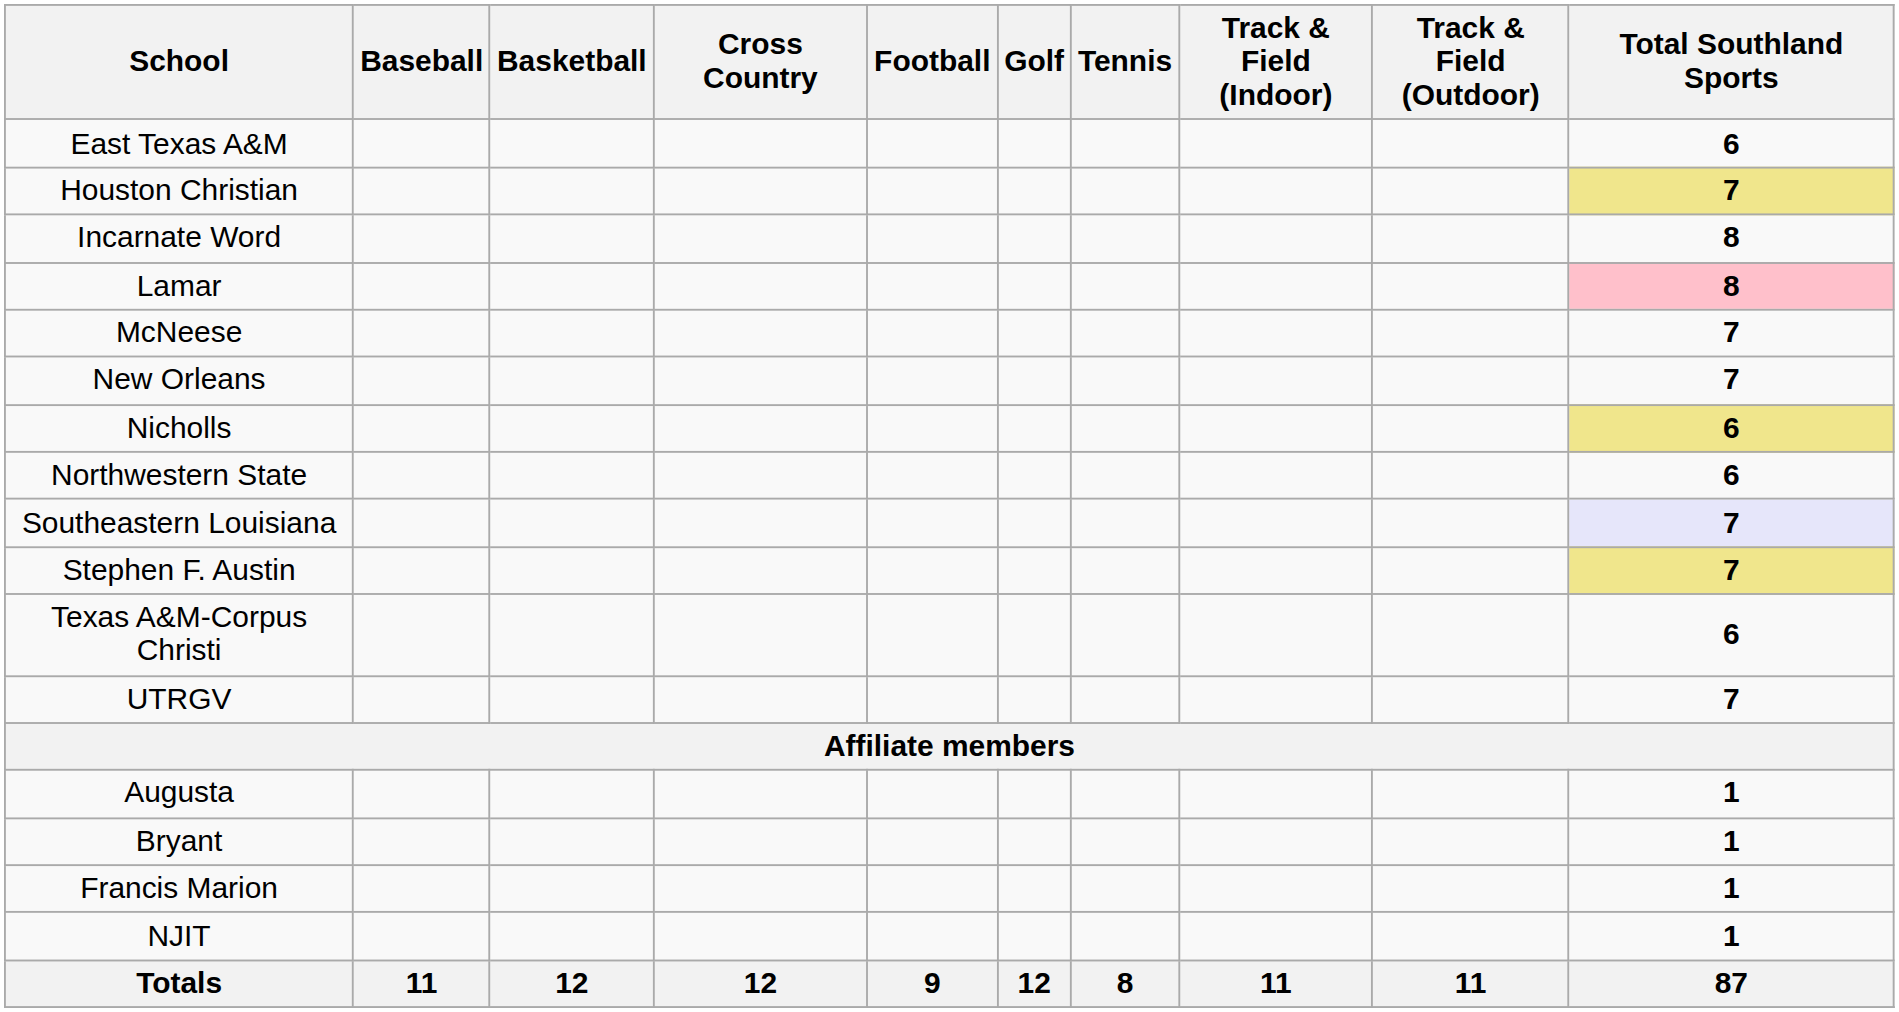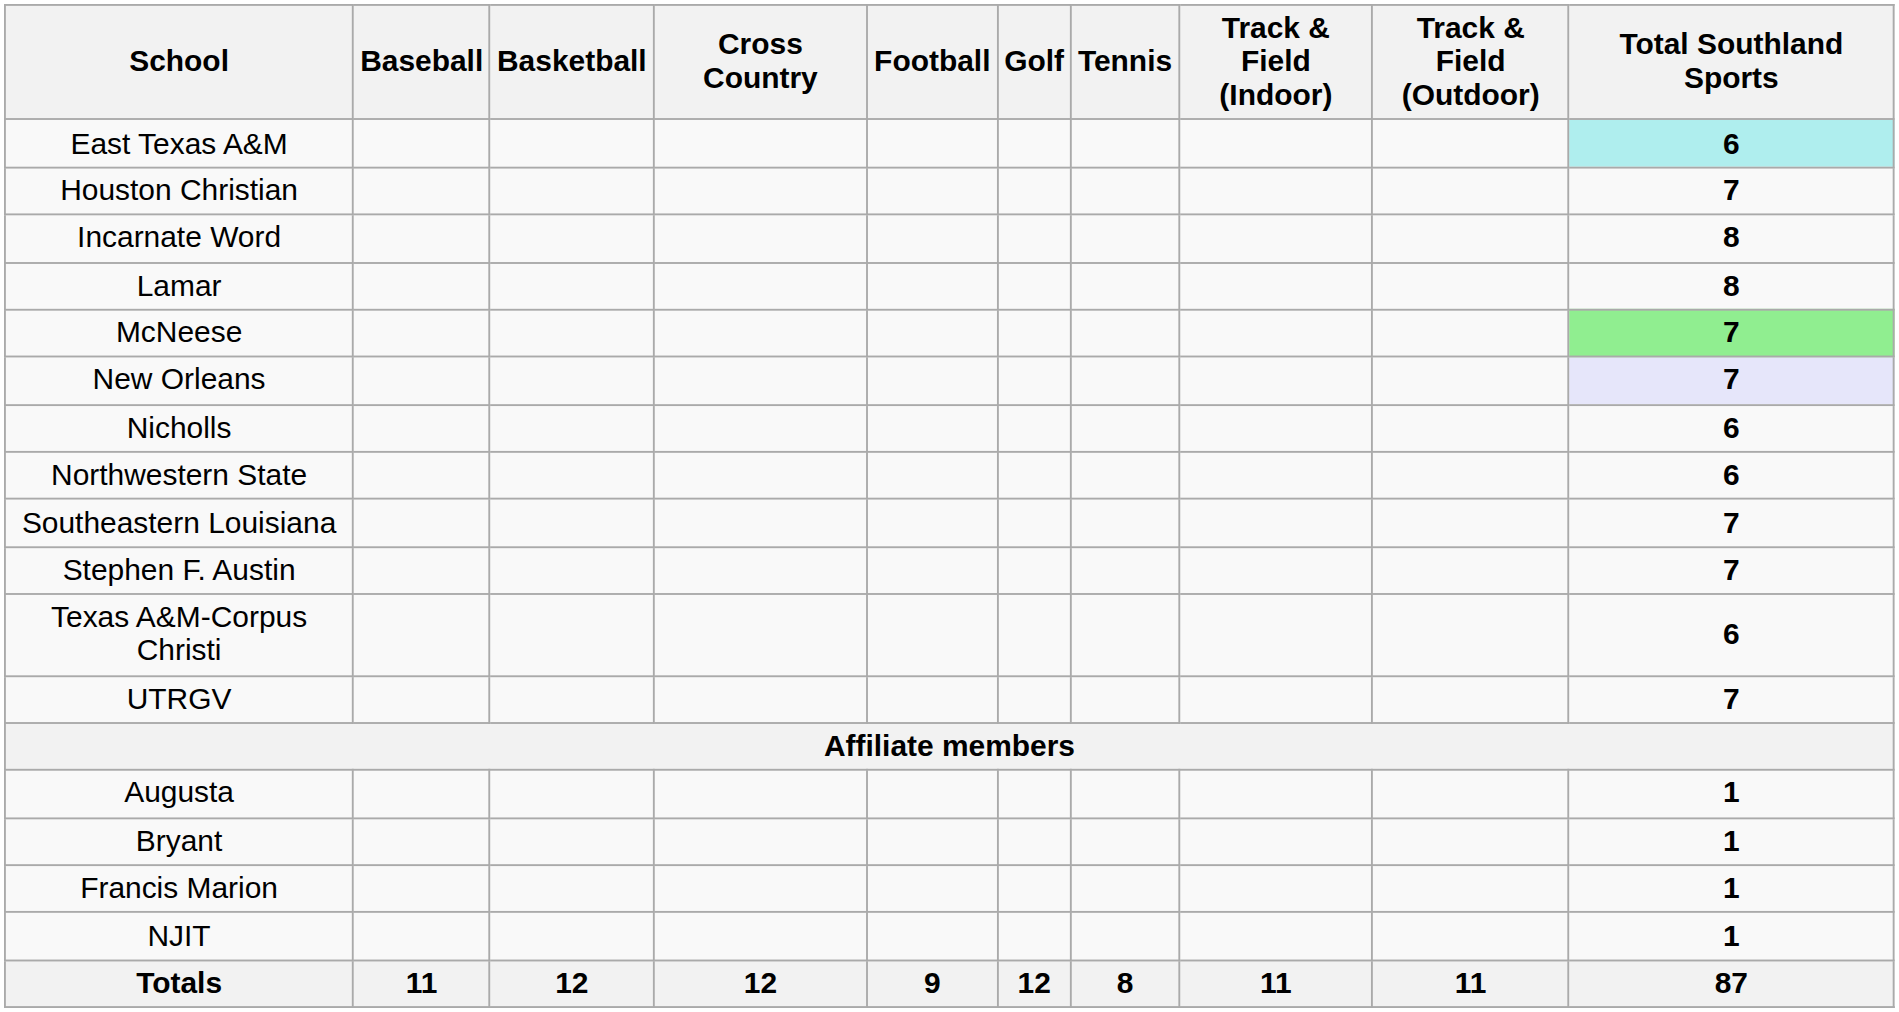 <table class="wikitable" style="text-align:center; width:80%">
 <tr>
 <th>School</th>
 <th>Baseball</th>
 <th>Basketball</th>
 <th>Cross Country</th>
 <th>Football</th>
 <th>Golf</th>
 <th>Tennis</th>
 <th>Track & Field<br>(Indoor)</th>
 <th>Track & Field<br>(Outdoor)</th>
 <th>Total Southland Sports</th>
 </tr>
 <tr>
 <td>East Texas A&M</td>
 <td></td>
 <td></td>
 <td></td>
 <td></td>
 <td></td>
 <td></td>
 <td></td>
 <td></td>
-<td><strong>6</strong></td>
+<td style="background: paleturquoise;"><strong>6</strong></td>
 </tr>
 <tr>
 <td>Houston Christian</td>
 <td></td>
 <td></td>
 <td></td>
 <td></td>
 <td></td>
 <td></td>
 <td></td>
 <td></td>
-<td style="background: khaki;"><strong>7</strong></td>
+<td><strong>7</strong></td>
 </tr>
 <tr>
 <td>Incarnate Word</td>
 <td></td>
 <td></td>
 <td></td>
 <td></td>
 <td></td>
 <td></td>
 <td></td>
 <td></td>
 <td><strong>8</strong></td>
 </tr>
 <tr>
 <td>Lamar</td>
 <td></td>
 <td></td>
 <td></td>
 <td></td>
 <td></td>
 <td></td>
 <td></td>
 <td></td>
-<td style="background: pink;"><strong>8</strong></td>
+<td><strong>8</strong></td>
 </tr>
 <tr>
 <td>McNeese</td>
 <td></td>
 <td></td>
 <td></td>
 <td></td>
 <td></td>
 <td></td>
 <td></td>
 <td></td>
-<td><strong>7</strong></td>
+<td style="background: lightgreen;"><strong>7</strong></td>
 </tr>
 <tr>
 <td>New Orleans</td>
 <td></td>
 <td></td>
 <td></td>
 <td></td>
 <td></td>
 <td></td>
 <td></td>
 <td></td>
-<td><strong>7</strong></td>
+<td style="background: lavender;"><strong>7</strong></td>
 </tr>
 <tr>
 <td>Nicholls</td>
 <td></td>
 <td></td>
 <td></td>
 <td></td>
 <td></td>
 <td></td>
 <td></td>
 <td></td>
-<td style="background: khaki;"><strong>6</strong></td>
+<td><strong>6</strong></td>
 </tr>
 <tr>
 <td>Northwestern State</td>
 <td></td>
 <td></td>
 <td></td>
 <td></td>
 <td></td>
 <td></td>
 <td></td>
 <td></td>
 <td><strong>6</strong></td>
 </tr>
 <tr>
 <td>Southeastern Louisiana</td>
 <td></td>
 <td></td>
 <td></td>
 <td></td>
 <td></td>
 <td></td>
 <td></td>
 <td></td>
-<td style="background: lavender;"><strong>7</strong></td>
+<td><strong>7</strong></td>
 </tr>
 <tr>
 <td>Stephen F. Austin</td>
 <td></td>
 <td></td>
 <td></td>
 <td></td>
 <td></td>
 <td></td>
 <td></td>
 <td></td>
-<td style="background: khaki;"><strong>7</strong></td>
+<td><strong>7</strong></td>
 </tr>
 <tr>
 <td>Texas A&M-Corpus Christi</td>
 <td></td>
 <td></td>
 <td></td>
 <td></td>
 <td></td>
 <td></td>
 <td></td>
 <td></td>
 <td><strong>6</strong></td>
 </tr>
 <tr>
 <td>UTRGV</td>
 <td></td>
 <td></td>
 <td></td>
 <td></td>
 <td></td>
 <td></td>
 <td></td>
 <td></td>
 <td><strong>7</strong><br></td>
 </tr>
 <tr>
 <th colspan=10 align=center>Affiliate members</th>
 </tr>
 <tr>
 <td>Augusta</td>
 <td></td>
 <td></td>
 <td></td>
 <td></td>
 <td></td>
 <td></td>
 <td></td>
 <td></td>
 <td><strong>1</strong></td>
 </tr>
 <tr>
 <td>Bryant</td>
 <td></td>
 <td></td>
 <td></td>
 <td></td>
 <td></td>
 <td></td>
 <td></td>
 <td></td>
 <td><strong>1</strong></td>
 </tr>
 <tr>
 <td>Francis Marion</td>
 <td></td>
 <td></td>
 <td></td>
 <td></td>
 <td></td>
 <td></td>
 <td></td>
 <td></td>
 <td><strong>1</strong></td>
 </tr>
 <tr>
 <td>NJIT</td>
 <td></td>
 <td></td>
 <td></td>
 <td></td>
 <td></td>
 <td></td>
 <td></td>
 <td></td>
 <td><strong>1</strong></td>
 </tr>
 <tr>
 <th>Totals</th>
 <th>11</th>
 <th>12</th>
 <th>12</th>
 <th>9</th>
 <th>12</th>
 <th>8</th>
 <th>11</th>
 <th>11</th>
 <th>87</th>
 </tr>
 <tr>
 </tr>
 </table>
